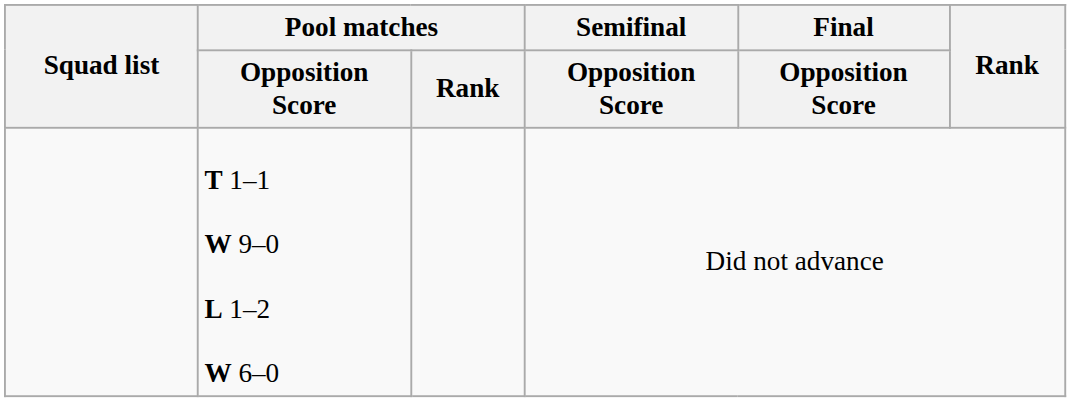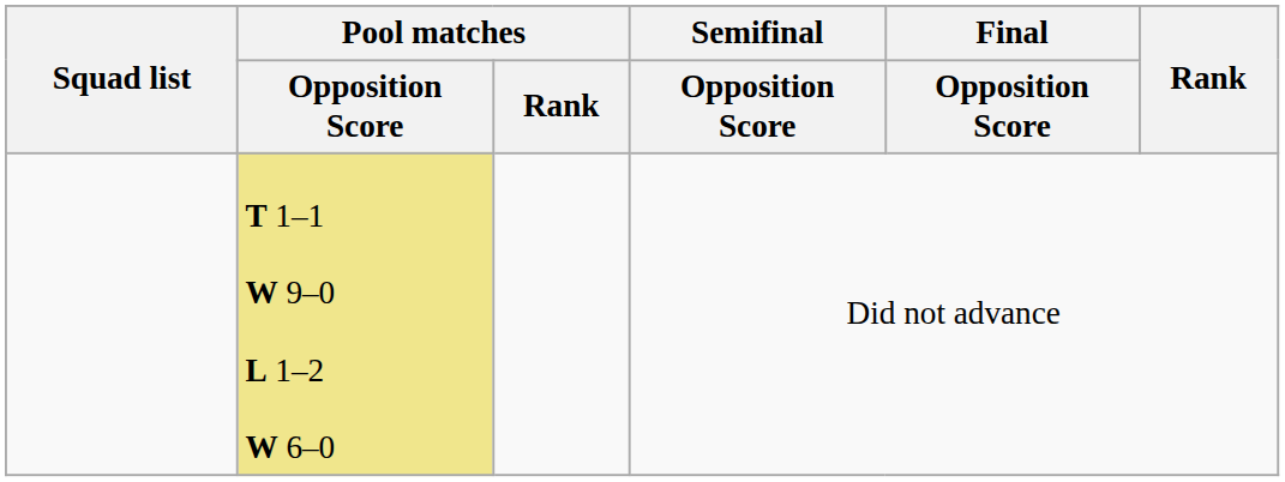 <table class="wikitable" width="90%" style="text-align:left; font-size:90%">
 <tr>
 <th rowspan=2>Squad list</th>
 <th colspan=2>Pool matches</th>
 <th>Semifinal</th>
 <th>Final</th>
 <th rowspan=2>Rank</th>
 </tr>
 <tr>
 <th>Opposition<br>Score</th>
 <th>Rank</th>
 <th>Opposition<br>Score</th>
 <th>Opposition<br>Score</th>
 </tr>
 <tr>
 <td></td>
-<td><br><strong>T</strong> 1–1<br><br><strong>W</strong> 9–0<br><br><strong>L</strong> 1–2<br><br><strong>W</strong> 6–0</td>
+<td style="background: khaki;"><br><strong>T</strong> 1–1<br><br><strong>W</strong> 9–0<br><br><strong>L</strong> 1–2<br><br><strong>W</strong> 6–0</td>
 <td></td>
 <td align=center colspan=3>Did not advance</td>
 </tr>
 </table>
